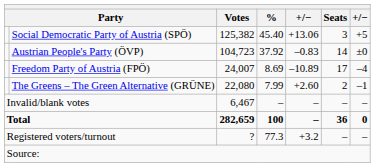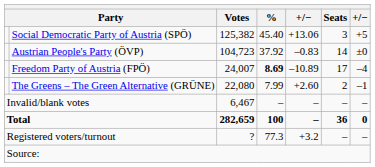 <table class=wikitable style=text-align:right>
 <tr>
 <th colspan="7"></th>
 </tr>
 <tr>
 <th colspan=2>Party</th>
 <th>Votes</th>
 <th>%</th>
 <th>+/−</th>
 <th>Seats</th>
 <th>+/−</th>
 </tr>
 <tr>
 <td bgcolor=></td>
 <td align=left><a href='#'>Social Democratic Party of Austria</a> (SPÖ)</td>
 <td>125,382</td>
 <td>45.40</td>
 <td>+13.06</td>
 <td>3</td>
 <td>+5</td>
 </tr>
 <tr>
 <td bgcolor=></td>
 <td align=left><a href='#'>Austrian People's Party</a> (ÖVP)</td>
 <td>104,723</td>
 <td>37.92</td>
 <td>–0.83</td>
 <td>14</td>
 <td>±0</td>
 </tr>
 <tr>
 <td bgcolor=></td>
 <td align=left><a href='#'>Freedom Party of Austria</a> (FPÖ)</td>
 <td>24,007</td>
-<td>8.69</td>
+<td><strong>8.69</strong></td>
 <td>–10.89</td>
 <td>17</td>
 <td>–4</td>
 </tr>
 <tr>
 <td bgcolor=></td>
 <td align=left><a href='#'>The Greens – The Green Alternative</a> (GRÜNE)</td>
 <td>22,080</td>
 <td>7.99</td>
 <td>+2.60</td>
 <td>2</td>
 <td>–1</td>
 </tr>
 <tr>
 <td colspan=2 align=left>Invalid/blank votes</td>
 <td>6,467</td>
 <td>–</td>
 <td>–</td>
 <td>–</td>
 <td>–</td>
 </tr>
 <tr>
 <td colspan=2 align=left><strong>Total</strong></td>
 <td><strong>282,659</strong></td>
 <td><strong>100</strong></td>
 <td><strong>–</strong></td>
 <td><strong>36</strong></td>
 <td><strong>0</strong></td>
 </tr>
 <tr>
 <td align=left colspan=2>Registered voters/turnout</td>
 <td>?</td>
 <td>77.3</td>
 <td>+3.2</td>
 <td>–</td>
 <td>–</td>
 </tr>
 <tr>
 <td align=left colspan=7>Source: </td>
 </tr>
 </table>
